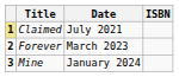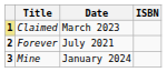 <table class="wikitable">
 <tr>
 <th></th>
 <th>Title</th>
 <th>Date</th>
 <th>ISBN</th>
 </tr>
 <tr>
 <td style="background: khaki;"><strong>1</strong></td>
 <td><em>Claimed</em></td>
-<td>July 2021</td>
+<td>March 2023</td>
 <td></td>
 </tr>
 <tr>
 <td><strong>2</strong></td>
 <td><em>Forever</em></td>
-<td>March 2023</td>
+<td>July 2021</td>
 <td></td>
 </tr>
 <tr>
 <td><strong>3</strong></td>
 <td><em>Mine</em></td>
 <td>January 2024</td>
 </tr>
 </table>
